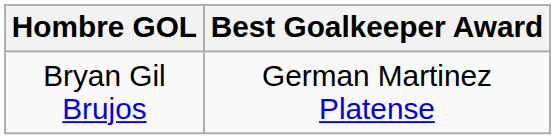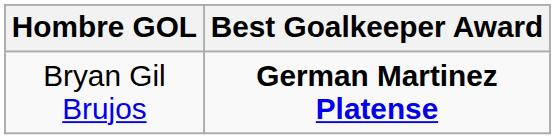 <table class="wikitable" style="margin: 0 auto;">
 <tr>
 <th>Hombre GOL</th>
 <th>Best Goalkeeper Award</th>
 </tr>
 <tr>
 <td align=center> Bryan Gil <br> <a href='#'>Brujos</a></td>
-<td align=center> German Martinez <br><a href='#'>Platense</a></td>
+<td align=center><strong> German Martinez <br><a href='#'>Platense</a></strong></td>
 </tr>
 </table>
